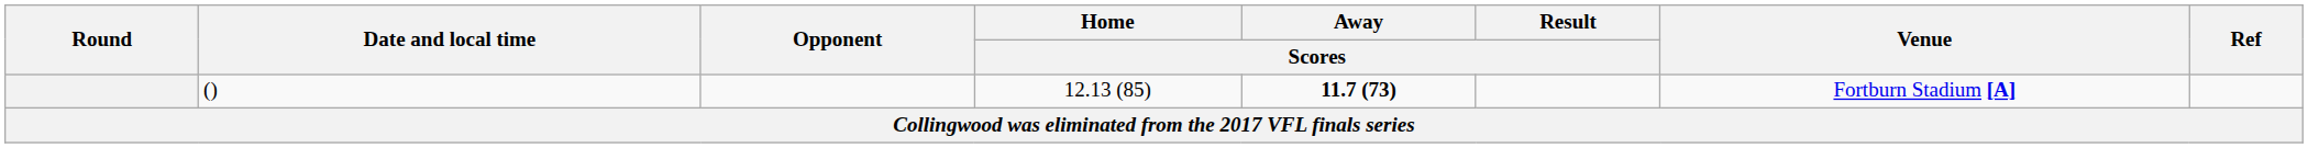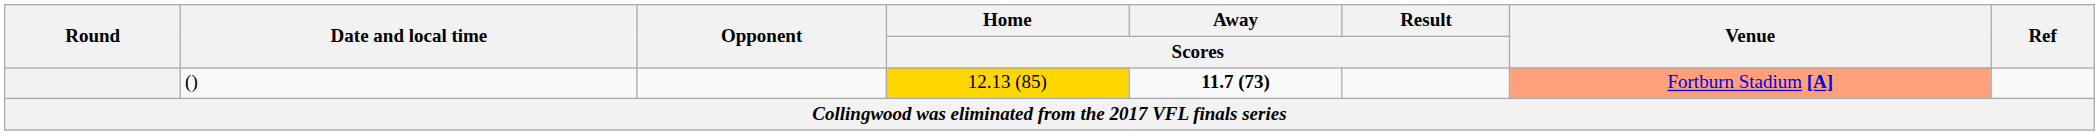 <table class="wikitable plainrowheaders" style="font-size:90%; width:100%; text-align:center;">
 <tr>
 <th scope="col" rowspan="2">Round</th>
 <th scope="col" rowspan="2">Date and local time</th>
 <th scope="col" rowspan="2">Opponent</th>
 <th scope="col">Home</th>
 <th scope="col">Away</th>
 <th scope="col">Result</th>
 <th scope="col" rowspan="2">Venue</th>
 <th scope="col" class="unsortable" rowspan=2>Ref</th>
 </tr>
 <tr>
 <th scope="col" colspan="3">Scores</th>
 </tr>
 <tr>
 <th scope="row"></th>
 <td align=left> ()</td>
 <td align=left></td>
-<td>12.13 (85)</td>
+<td style="background: gold;">12.13 (85)</td>
 <td><strong>11.7 (73)</strong></td>
 <td></td>
-<td><a href='#'>Fortburn Stadium</a> <a href='#'><strong>[A]</strong></a></td>
+<td style="background: lightsalmon;"><a href='#'>Fortburn Stadium</a> <a href='#'><strong>[A]</strong></a></td>
 <td></td>
 </tr>
 <tr>
 <th colspan=8><span><em>Collingwood was eliminated from the 2017 VFL finals series</em></span></th>
 </tr>
 </table>
